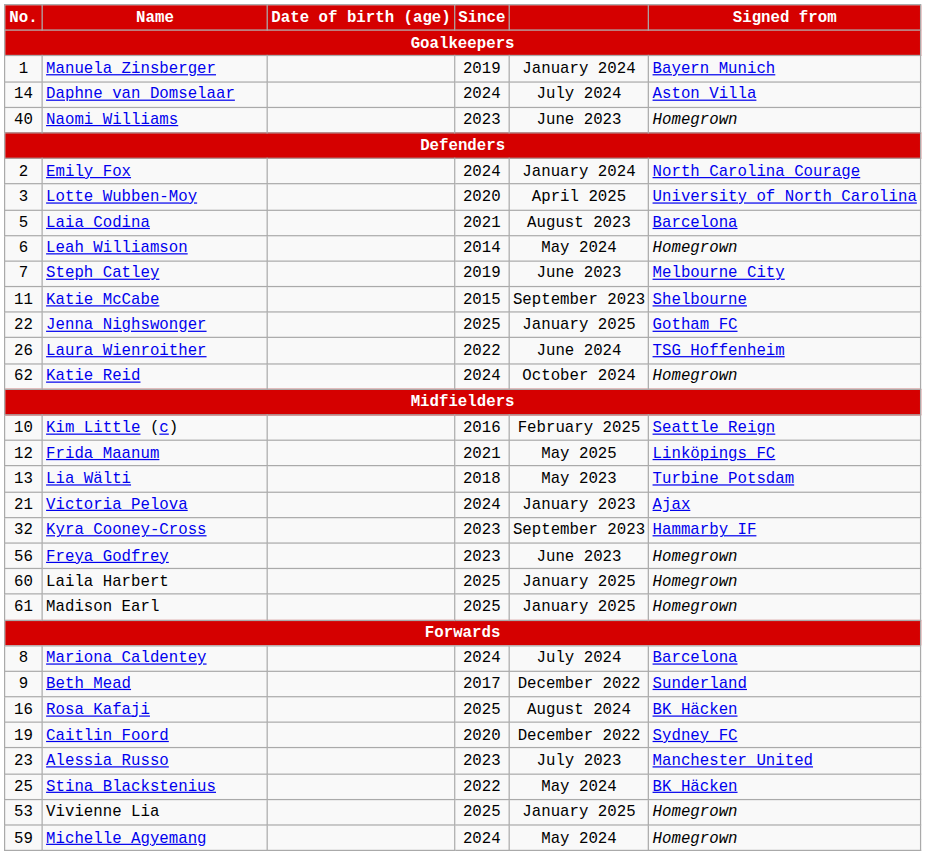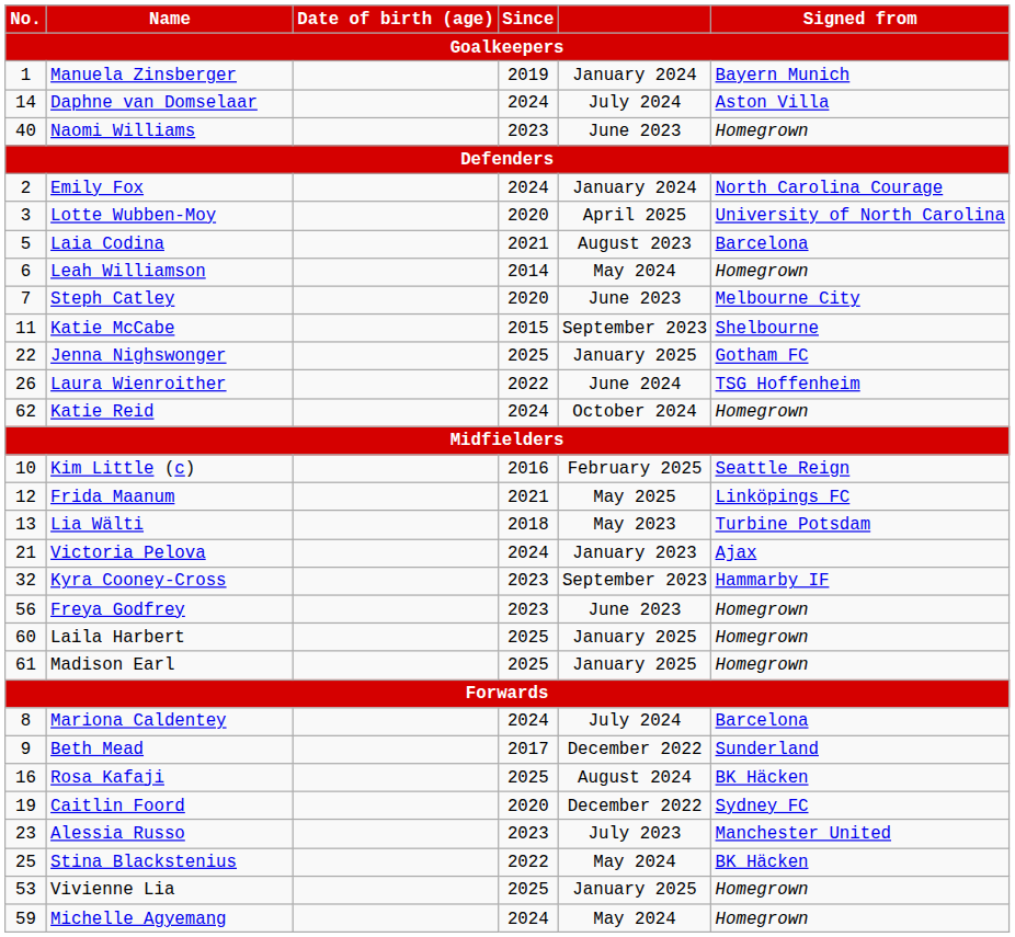 <table class="wikitable" style="text-align:center; font-size:100%; ">
 <tr>
 <th style="background:#d50000; color:white; text-align:center; width:25px;">No.</th>
 <th style="background:#d50000; color:white; text-align:center; width:180px;">Name</th>
 <th style="background:#d50000; color:white; text-align:center;">Date of birth (age)</th>
 <th style="background:#d50000; color:white; text-align:center;">Since</th>
 <th style="background:#d50000; color:white; text-align:center;"></th>
 <th style="background:#d50000; color:white; text-align:center;">Signed from</th>
 </tr>
 <tr>
 <th colspan="6" style="background:#d50000; color:white; text-align:center;">Goalkeepers</th>
 </tr>
 <tr>
 <td>1</td>
 <td align="left"> <a href='#'>Manuela Zinsberger</a></td>
 <td></td>
 <td>2019</td>
 <td>January 2024</td>
 <td align="left"> <a href='#'>Bayern Munich</a></td>
 </tr>
 <tr>
 <td>14</td>
 <td align="left"> <a href='#'>Daphne van Domselaar</a></td>
 <td></td>
 <td>2024</td>
 <td>July 2024</td>
 <td align="left"> <a href='#'>Aston Villa</a></td>
 </tr>
 <tr>
 <td>40</td>
 <td align="left"> <a href='#'>Naomi Williams</a></td>
 <td></td>
 <td>2023</td>
 <td>June 2023</td>
 <td align="left"><em>Homegrown</em></td>
 </tr>
 <tr>
 <th colspan="6" style="background:#d50000; color:white; text-align:center;">Defenders</th>
 </tr>
 <tr>
 <td>2</td>
 <td align="left"> <a href='#'>Emily Fox</a></td>
 <td></td>
 <td>2024</td>
 <td>January 2024</td>
 <td align="left"> <a href='#'>North Carolina Courage</a></td>
 </tr>
 <tr>
 <td>3</td>
 <td align="left"> <a href='#'>Lotte Wubben-Moy</a></td>
 <td></td>
 <td>2020</td>
 <td>April 2025 </td>
 <td align="left"> <a href='#'>University of North Carolina</a></td>
 </tr>
 <tr>
 <td>5</td>
 <td align="left"> <a href='#'>Laia Codina</a></td>
 <td></td>
 <td>2021</td>
 <td>August 2023</td>
 <td align="left"> <a href='#'>Barcelona</a></td>
 </tr>
 <tr>
 <td>6</td>
 <td align="left"> <a href='#'>Leah Williamson</a></td>
 <td></td>
 <td>2014</td>
 <td>May 2024</td>
 <td align="left"><em>Homegrown</em></td>
 </tr>
 <tr>
 <td>7</td>
 <td align="left"> <a href='#'>Steph Catley</a></td>
 <td></td>
-<td>2019</td>
+<td>2020</td>
 <td>June 2023</td>
 <td align="left"> <a href='#'>Melbourne City</a></td>
 </tr>
 <tr>
 <td>11</td>
 <td align="left"> <a href='#'>Katie McCabe</a></td>
 <td></td>
 <td>2015</td>
 <td>September 2023</td>
 <td align="left"> <a href='#'>Shelbourne</a></td>
 </tr>
 <tr>
 <td>22</td>
 <td align="left"> <a href='#'>Jenna Nighswonger</a></td>
 <td></td>
 <td>2025</td>
 <td>January 2025</td>
 <td align="left"> <a href='#'>Gotham FC</a></td>
 </tr>
 <tr>
 <td>26</td>
 <td align="left"> <a href='#'>Laura Wienroither</a></td>
 <td></td>
 <td>2022</td>
 <td>June 2024</td>
 <td align="left"> <a href='#'>TSG Hoffenheim</a></td>
 </tr>
 <tr>
 <td>62</td>
 <td align="left"> <a href='#'>Katie Reid</a></td>
 <td></td>
 <td>2024</td>
 <td>October 2024</td>
 <td align="left"><em>Homegrown</em></td>
 </tr>
 <tr>
 <th colspan="6" style="background:#d50000; color:white; text-align:center;">Midfielders</th>
 </tr>
 <tr>
 <td>10</td>
 <td align="left"> <a href='#'>Kim Little</a> (<a href='#'>c</a>)</td>
 <td></td>
 <td>2016</td>
 <td>February 2025</td>
 <td align="left"> <a href='#'>Seattle Reign</a></td>
 </tr>
 <tr>
 <td>12</td>
 <td align="left"> <a href='#'>Frida Maanum</a></td>
 <td></td>
 <td>2021</td>
 <td>May 2025</td>
 <td align="left"> <a href='#'>Linköpings FC</a></td>
 </tr>
 <tr>
 <td>13</td>
 <td align="left"> <a href='#'>Lia Wälti</a></td>
 <td></td>
 <td>2018</td>
 <td>May 2023</td>
 <td align="left"> <a href='#'>Turbine Potsdam</a></td>
 </tr>
 <tr>
 <td>21</td>
 <td align="left"> <a href='#'>Victoria Pelova</a></td>
 <td></td>
 <td>2024</td>
 <td>January 2023</td>
 <td align="left"> <a href='#'>Ajax</a></td>
 </tr>
 <tr>
 <td>32</td>
 <td align="left"> <a href='#'>Kyra Cooney-Cross</a></td>
 <td></td>
 <td>2023</td>
 <td>September 2023</td>
 <td align="left"> <a href='#'>Hammarby IF</a></td>
 </tr>
 <tr>
 <td>56</td>
 <td align="left"> <a href='#'>Freya Godfrey</a></td>
 <td></td>
 <td>2023</td>
 <td>June 2023</td>
 <td align="left"><em>Homegrown</em></td>
 </tr>
 <tr>
 <td>60</td>
 <td align="left"> Laila Harbert</td>
 <td></td>
 <td>2025</td>
 <td>January 2025</td>
 <td align="left"><em>Homegrown</em></td>
 </tr>
 <tr>
 <td>61</td>
 <td align="left"> Madison Earl</td>
 <td></td>
 <td>2025</td>
 <td>January 2025</td>
 <td align="left"><em>Homegrown</em></td>
 </tr>
 <tr>
 <th colspan="6" style="background:#d50000; color:white; text-align:center;">Forwards</th>
 </tr>
 <tr>
 <td>8</td>
 <td align="left"> <a href='#'>Mariona Caldentey</a></td>
 <td></td>
 <td>2024</td>
 <td>July 2024</td>
 <td align="left"> <a href='#'>Barcelona</a></td>
 </tr>
 <tr>
 <td>9</td>
 <td align="left"> <a href='#'>Beth Mead</a></td>
 <td></td>
 <td>2017</td>
 <td>December 2022</td>
 <td align="left"> <a href='#'>Sunderland</a></td>
 </tr>
 <tr>
 <td>16</td>
 <td align="left"> <a href='#'>Rosa Kafaji</a></td>
 <td></td>
 <td>2025</td>
 <td>August 2024</td>
 <td align="left"> <a href='#'>BK Häcken</a></td>
 </tr>
 <tr>
 <td>19</td>
 <td align="left"> <a href='#'>Caitlin Foord</a></td>
 <td></td>
 <td>2020</td>
 <td>December 2022</td>
 <td align="left"> <a href='#'>Sydney FC</a></td>
 </tr>
 <tr>
 <td>23</td>
 <td align="left"> <a href='#'>Alessia Russo</a></td>
 <td></td>
 <td>2023</td>
 <td>July 2023</td>
 <td align="left"> <a href='#'>Manchester United</a></td>
 </tr>
 <tr>
 <td>25</td>
 <td align="left"> <a href='#'>Stina Blackstenius</a></td>
 <td></td>
 <td>2022</td>
 <td>May 2024</td>
 <td align="left"> <a href='#'>BK Häcken</a></td>
 </tr>
 <tr>
 <td>53</td>
 <td align="left"> Vivienne Lia</td>
 <td></td>
 <td>2025</td>
 <td>January 2025</td>
 <td align="left"><em>Homegrown</em></td>
 </tr>
 <tr>
 <td>59</td>
 <td align="left"> <a href='#'>Michelle Agyemang</a></td>
 <td></td>
 <td>2024</td>
 <td>May 2024</td>
 <td align="left"><em>Homegrown</em></td>
 </tr>
 </table>
